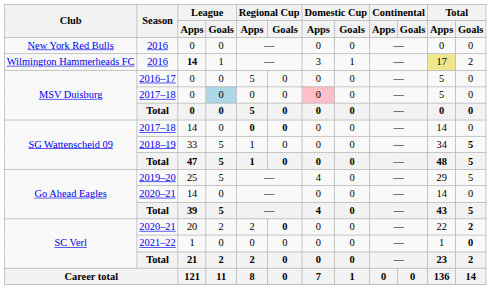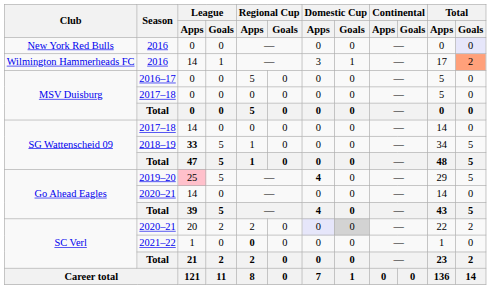 <table class="wikitable" style="text-align:center">
 <tr>
 <th rowspan="2">Club</th>
 <th rowspan="2">Season</th>
 <th colspan="2">League</th>
 <th colspan="2">Regional Cup</th>
 <th colspan="2">Domestic Cup</th>
 <th colspan="2">Continental</th>
 <th colspan="2">Total</th>
 </tr>
 <tr>
 <th>Apps</th>
 <th>Goals</th>
 <th>Apps</th>
 <th>Goals</th>
 <th>Apps</th>
 <th>Goals</th>
 <th>Apps</th>
 <th>Goals</th>
 <th>Apps</th>
 <th>Goals</th>
 </tr>
 <tr>
 <td><a href='#'>New York Red Bulls</a></td>
 <td><a href='#'>2016</a></td>
 <td>0</td>
 <td>0</td>
 <td colspan="2">—</td>
 <td>0</td>
 <td>0</td>
 <td colspan="2">—</td>
 <td>0</td>
-<td>0</td>
+<td style="background: lavender;">0</td>
 </tr>
 <tr>
 <td><a href='#'>Wilmington Hammerheads FC</a></td>
 <td><a href='#'>2016</a></td>
-<td><strong>14</strong></td>
+<td>14</td>
 <td>1</td>
 <td colspan="2">—</td>
 <td>3</td>
 <td>1</td>
 <td colspan="2">—</td>
-<td style="background: khaki;">17</td>
-<td>2</td>
+<td>17</td>
+<td style="background: lightsalmon;">2</td>
 </tr>
 <tr>
 <td rowspan="3"><a href='#'>MSV Duisburg</a></td>
 <td><a href='#'>2016–17</a></td>
 <td>0</td>
 <td>0</td>
 <td>5</td>
 <td>0</td>
 <td>0</td>
 <td>0</td>
 <td colspan="2">—</td>
 <td>5</td>
 <td>0</td>
 </tr>
 <tr>
 <td><a href='#'>2017–18</a></td>
 <td>0</td>
-<td style="background: lightblue;">0</td>
 <td>0</td>
 <td>0</td>
-<td style="background: pink;">0</td>
+<td>0</td>
+<td>0</td>
 <td>0</td>
 <td colspan="2">—</td>
 <td>5</td>
 <td>0</td>
 </tr>
 <tr>
 <th>Total</th>
 <th>0</th>
 <th>0</th>
 <th>5</th>
 <th>0</th>
 <th>0</th>
 <th>0</th>
 <th colspan="2">—</th>
 <th>0</th>
 <th>0</th>
 </tr>
 <tr>
 <td rowspan="3"><a href='#'>SG Wattenscheid 09</a></td>
 <td><a href='#'>2017–18</a></td>
 <td>14</td>
 <td>0</td>
-<td><strong>0</strong></td>
-<td><strong>0</strong></td>
+<td>0</td>
+<td>0</td>
 <td>0</td>
 <td>0</td>
 <td colspan="2">—</td>
 <td>14</td>
 <td>0</td>
 </tr>
 <tr>
 <td><a href='#'>2018–19</a></td>
-<td>33</td>
+<td><strong>33</strong></td>
 <td>5</td>
 <td>1</td>
 <td>0</td>
 <td>0</td>
 <td>0</td>
 <td colspan="2">—</td>
 <td>34</td>
-<td><strong>5</strong></td>
+<td>5</td>
 </tr>
 <tr>
 <th>Total</th>
 <th>47</th>
 <th>5</th>
 <th>1</th>
 <th>0</th>
 <th>0</th>
 <th>0</th>
 <th colspan="2">—</th>
 <th>48</th>
 <th>5</th>
 </tr>
 <tr>
 <td rowspan="3"><a href='#'>Go Ahead Eagles</a></td>
 <td><a href='#'>2019–20</a></td>
-<td>25</td>
+<td style="background: pink;">25</td>
 <td>5</td>
 <td colspan="2">—</td>
-<td>4</td>
+<td><strong>4</strong></td>
 <td>0</td>
 <td colspan="2">—</td>
 <td>29</td>
 <td>5</td>
 </tr>
 <tr>
 <td><a href='#'>2020–21</a></td>
 <td>14</td>
 <td>0</td>
 <td colspan="2">—</td>
 <td>0</td>
 <td>0</td>
 <td colspan="2">—</td>
 <td>14</td>
 <td>0</td>
 </tr>
 <tr>
 <th>Total</th>
 <th>39</th>
 <th>5</th>
 <th colspan="2">—</th>
 <th>4</th>
 <th>0</th>
 <th colspan="2">—</th>
 <th>43</th>
 <th>5</th>
 </tr>
 <tr>
 <td rowspan="3"><a href='#'>SC Verl</a></td>
 <td><a href='#'>2020–21</a></td>
 <td>20</td>
 <td>2</td>
 <td>2</td>
-<td><strong>0</strong></td>
 <td>0</td>
-<td>0</td>
+<td style="background: lavender;">0</td>
+<td style="background: lightgrey;">0</td>
 <td colspan="2">—</td>
 <td>22</td>
-<td><strong>2</strong></td>
+<td>2</td>
 </tr>
 <tr>
 <td><a href='#'>2021–22</a></td>
 <td>1</td>
 <td>0</td>
-<td>0</td>
+<td><strong>0</strong></td>
 <td>0</td>
 <td>0</td>
 <td>0</td>
 <td colspan="2">—</td>
 <td>1</td>
-<td><strong>0</strong></td>
+<td>0</td>
 </tr>
 <tr>
 <th>Total</th>
 <th>21</th>
 <th>2</th>
 <th>2</th>
 <th>0</th>
 <th>0</th>
 <th>0</th>
 <th colspan="2">—</th>
 <th>23</th>
 <th>2</th>
 </tr>
 <tr>
 <th colspan="2">Career total</th>
 <th>121</th>
 <th>11</th>
 <th>8</th>
 <th>0</th>
 <th>7</th>
 <th>1</th>
 <th>0</th>
 <th>0</th>
 <th>136</th>
 <th>14</th>
 </tr>
 </table>
